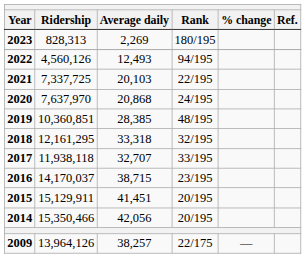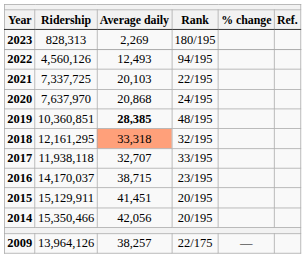 <table class="wikitable sortable" style="text-align:right;">
 <tr>
 <th colspan="6" style="background-color:#"></th>
 </tr>
 <tr style="font-size:95%; text-align:center">
 <th style="border-bottom:1px solid black">Year</th>
 <th style="border-bottom:1px solid black">Ridership</th>
 <th style="border-bottom:1px solid black">Average daily</th>
 <th style="border-bottom:1px solid black">Rank</th>
 <th style="border-bottom:1px solid black">% change</th>
 <th style="border-bottom:1px solid black">Ref.</th>
 </tr>
 <tr style="text-align:center;">
 <td><strong>2023</strong></td>
 <td>828,313</td>
 <td>2,269</td>
 <td>180/195</td>
 <td></td>
 <td></td>
 </tr>
 <tr>
 </tr>
 <tr style="text-align:center;">
 <td><strong>2022</strong></td>
 <td>4,560,126</td>
 <td>12,493</td>
 <td>94/195</td>
 <td></td>
 <td></td>
 </tr>
 <tr style="text-align:center;">
 <td><strong>2021</strong></td>
 <td>7,337,725</td>
 <td>20,103</td>
 <td>22/195</td>
 <td></td>
 <td></td>
 </tr>
 <tr style="text-align:center;">
 <td><strong>2020</strong></td>
 <td>7,637,970</td>
 <td>20,868</td>
 <td>24/195</td>
 <td></td>
 <td></td>
 </tr>
 <tr style="text-align:center;">
 <td><strong>2019</strong></td>
 <td>10,360,851</td>
-<td>28,385</td>
+<td><strong>28,385</strong></td>
 <td>48/195</td>
 <td></td>
 <td></td>
 </tr>
 <tr style="text-align:center;">
 <td><strong>2018</strong></td>
 <td>12,161,295</td>
-<td>33,318</td>
+<td style="background: lightsalmon;">33,318</td>
 <td>32/195</td>
 <td></td>
 <td></td>
 </tr>
 <tr style="text-align:center;">
 <td><strong>2017</strong></td>
 <td>11,938,118</td>
 <td>32,707</td>
 <td>33/195</td>
 <td></td>
 <td></td>
 </tr>
 <tr style="text-align:center;">
 <td><strong>2016</strong></td>
 <td>14,170,037</td>
 <td>38,715</td>
 <td>23/195</td>
 <td></td>
 <td></td>
 </tr>
 <tr style="text-align:center;">
 <td><strong>2015</strong></td>
 <td>15,129,911</td>
 <td>41,451</td>
 <td>20/195</td>
 <td></td>
 <td></td>
 </tr>
 <tr style="text-align:center;">
 <td><strong>2014</strong></td>
 <td>15,350,466</td>
 <td>42,056</td>
 <td>20/195</td>
 <td></td>
 <td></td>
 </tr>
 <tr>
 <th colspan="6" style="background-color:#"></th>
 </tr>
 <tr style="text-align:center;">
 <td><strong>2009</strong></td>
 <td>13,964,126</td>
 <td>38,257</td>
 <td>22/175</td>
 <td>—</td>
 <td></td>
 </tr>
 </table>
